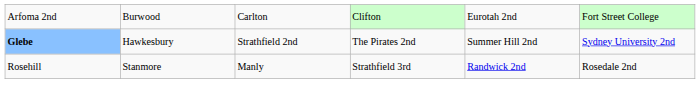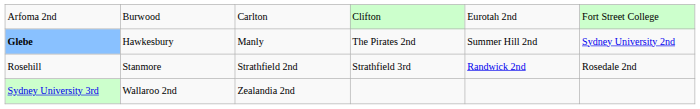 <table class="wikitable" style="margin:auto; text-valign:center; text-align:left;">
 <tr style="line-height:200%">
 <td width="175"> Arfoma 2nd</td>
 <td width="175">Burwood</td>
 <td width="175">Carlton</td>
 <td width="175" style="background: #ccffcc;">Clifton</td>
 <td width="175">Eurotah 2nd</td>
 <td width="175" style="background: #ccffcc;">Fort Street College</td>
 </tr>
 <tr style="line-height:200%">
 <td style="background: #89c1ff;"><strong>Glebe</strong></td>
 <td>Hawkesbury</td>
-<td> Strathfield 2nd</td>
+<td> Manly</td>
 <td> The Pirates 2nd</td>
 <td>Summer Hill 2nd</td>
 <td> <a href='#'>Sydney University 2nd</a></td>
 </tr>
 <tr style="line-height:200%">
 <td>Rosehill</td>
 <td>Stanmore</td>
-<td> Manly</td>
+<td> Strathfield 2nd</td>
 <td> Strathfield 3rd</td>
 <td> <a href='#'>Randwick 2nd</a></td>
 <td> Rosedale 2nd</td>
 </tr>
+<tr style="line-height:200%">
+<td style="background: #ccffcc;"> <a href='#'>Sydney University 3rd</a></td>
+<td> Wallaroo 2nd</td>
+<td> Zealandia 2nd</td>
+<td></td>
+<td></td>
+<td></td>
+</tr>
 </table>
